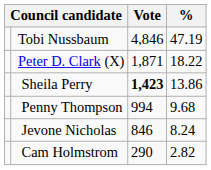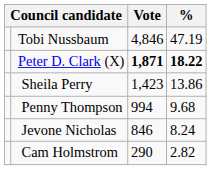 <table class="wikitable">
 <tr>
 <th colspan="2">Council candidate</th>
 <th>Vote</th>
 <th>%</th>
 </tr>
 <tr>
 <td></td>
 <td> Tobi Nussbaum</td>
 <td>4,846</td>
 <td>47.19</td>
 </tr>
 <tr>
 <td></td>
 <td> <a href='#'>Peter D. Clark</a> (X)</td>
-<td>1,871</td>
-<td>18.22</td>
+<td><strong>1,871</strong></td>
+<td><strong>18.22</strong></td>
 </tr>
 <tr>
 <td></td>
 <td>  Sheila Perry</td>
-<td><strong>1,423</strong></td>
+<td>1,423</td>
 <td>13.86</td>
 </tr>
 <tr>
 <td></td>
 <td>  Penny Thompson</td>
 <td>994</td>
 <td>9.68</td>
 </tr>
 <tr>
 <td></td>
 <td>  Jevone Nicholas</td>
 <td>846</td>
 <td>8.24</td>
 </tr>
 <tr>
 <td></td>
 <td>  Cam Holmstrom</td>
 <td>290</td>
 <td>2.82</td>
 </tr>
 </table>
